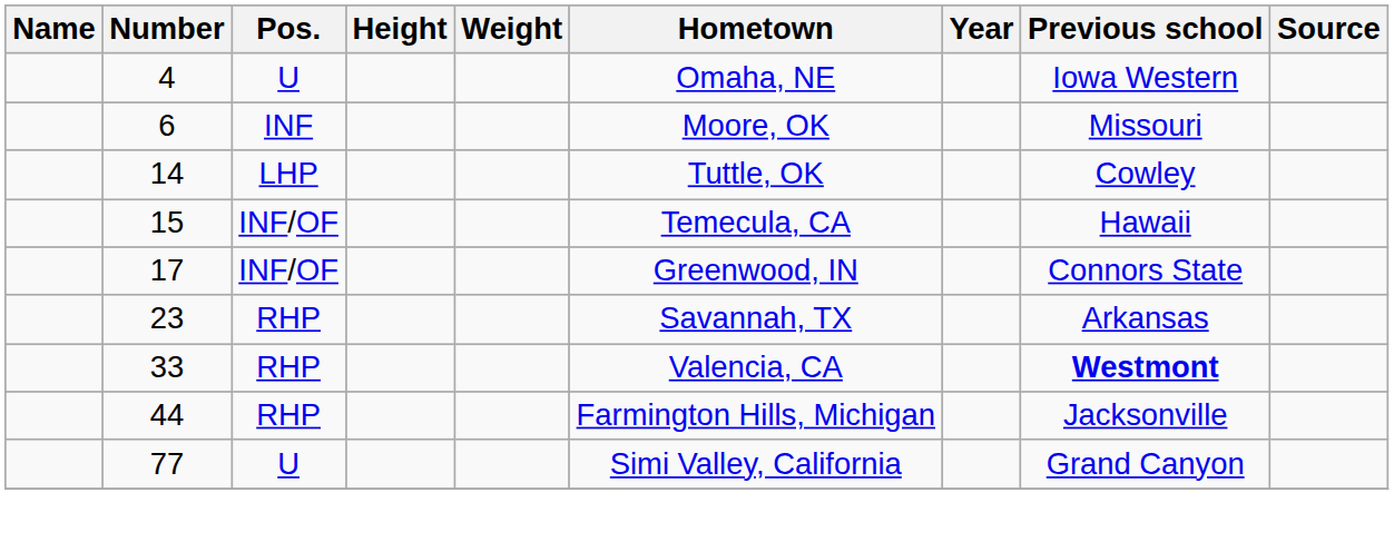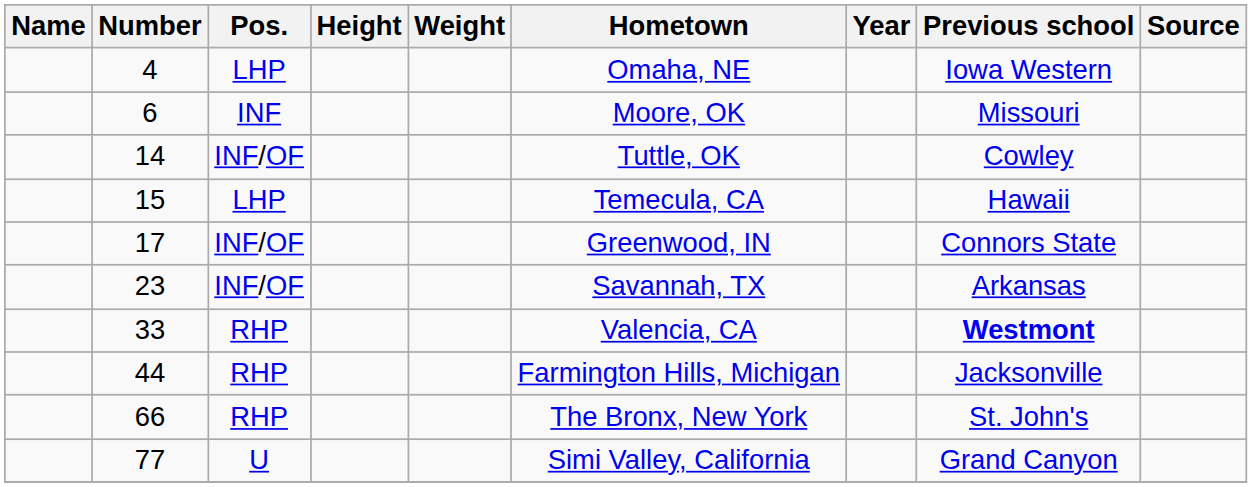 <table class="wikitable sortable sortable" style="text-align: center">
 <tr align=center>
 <th>Name</th>
 <th>Number</th>
 <th>Pos.</th>
 <th>Height</th>
 <th>Weight</th>
 <th>Hometown</th>
 <th>Year</th>
 <th>Previous school</th>
 <th>Source</th>
 </tr>
 <tr>
 <td></td>
 <td>4</td>
-<td><a href='#'>U</a></td>
+<td><a href='#'>LHP</a></td>
 <td></td>
 <td></td>
 <td><a href='#'>Omaha, NE</a></td>
 <td></td>
 <td><a href='#'>Iowa Western</a></td>
 <td></td>
 </tr>
 <tr>
 <td></td>
 <td>6</td>
 <td><a href='#'>INF</a></td>
 <td></td>
 <td></td>
 <td><a href='#'>Moore, OK</a></td>
 <td></td>
 <td><a href='#'>Missouri</a></td>
 <td></td>
 </tr>
 <tr>
 <td></td>
 <td>14</td>
-<td><a href='#'>LHP</a></td>
+<td><a href='#'>INF</a>/<a href='#'>OF</a></td>
 <td></td>
 <td></td>
 <td><a href='#'>Tuttle, OK</a></td>
 <td></td>
 <td><a href='#'>Cowley</a></td>
 <td></td>
 </tr>
 <tr>
 <td></td>
 <td>15</td>
-<td><a href='#'>INF</a>/<a href='#'>OF</a></td>
+<td><a href='#'>LHP</a></td>
 <td></td>
 <td></td>
 <td><a href='#'>Temecula, CA</a></td>
 <td></td>
 <td><a href='#'>Hawaii</a></td>
 <td></td>
 </tr>
 <tr>
 <td></td>
 <td>17</td>
 <td><a href='#'>INF</a>/<a href='#'>OF</a></td>
 <td></td>
 <td></td>
 <td><a href='#'>Greenwood, IN</a></td>
 <td></td>
 <td><a href='#'>Connors State</a></td>
 <td></td>
 </tr>
 <tr>
 <td></td>
 <td>23</td>
-<td><a href='#'>RHP</a></td>
+<td><a href='#'>INF</a>/<a href='#'>OF</a></td>
 <td></td>
 <td></td>
 <td><a href='#'>Savannah, TX</a></td>
 <td></td>
 <td><a href='#'>Arkansas</a></td>
 <td></td>
 </tr>
 <tr>
 <td></td>
 <td>33</td>
 <td><a href='#'>RHP</a></td>
 <td></td>
 <td></td>
 <td><a href='#'>Valencia, CA</a></td>
 <td></td>
 <td><strong><a href='#'>Westmont</a></strong></td>
 <td></td>
 </tr>
 <tr>
 <td></td>
 <td>44</td>
 <td><a href='#'>RHP</a></td>
 <td></td>
 <td></td>
 <td><a href='#'>Farmington Hills, Michigan</a></td>
 <td></td>
 <td><a href='#'>Jacksonville</a></td>
 <td></td>
 </tr>
 <tr>
 <td></td>
+<td>66</td>
+<td><a href='#'>RHP</a></td>
+<td></td>
+<td></td>
+<td><a href='#'>The Bronx, New York</a></td>
+<td></td>
+<td><a href='#'>St. John's</a></td>
+<td></td>
+</tr>
+<tr>
+<td></td>
 <td>77</td>
 <td><a href='#'>U</a></td>
 <td></td>
 <td></td>
 <td><a href='#'>Simi Valley, California</a></td>
 <td></td>
 <td><a href='#'>Grand Canyon</a></td>
 <td></td>
 </tr>
 <tr>
 </tr>
 </table>
